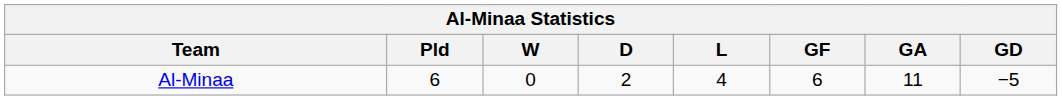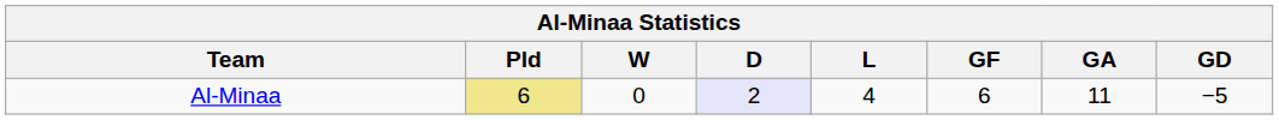 <table width=70% class="wikitable" style="text-align:">
 <tr>
 <th colspan=9>Al-Minaa Statistics</th>
 </tr>
 <tr>
 <th width=20%>Team</th>
 <th width=5%>Pld</th>
 <th width=5%>W</th>
 <th width=5%>D</th>
 <th width=5%>L</th>
 <th width=5%>GF</th>
 <th width=5%>GA</th>
 <th width=5%>GD</th>
 </tr>
 <tr align=center>
 <td align=center> <a href='#'>Al-Minaa</a></td>
-<td>6</td>
+<td style="background: khaki;">6</td>
 <td>0</td>
-<td>2</td>
+<td style="background: lavender;">2</td>
 <td>4</td>
 <td>6</td>
 <td>11</td>
 <td>−5</td>
 </tr>
 </table>
